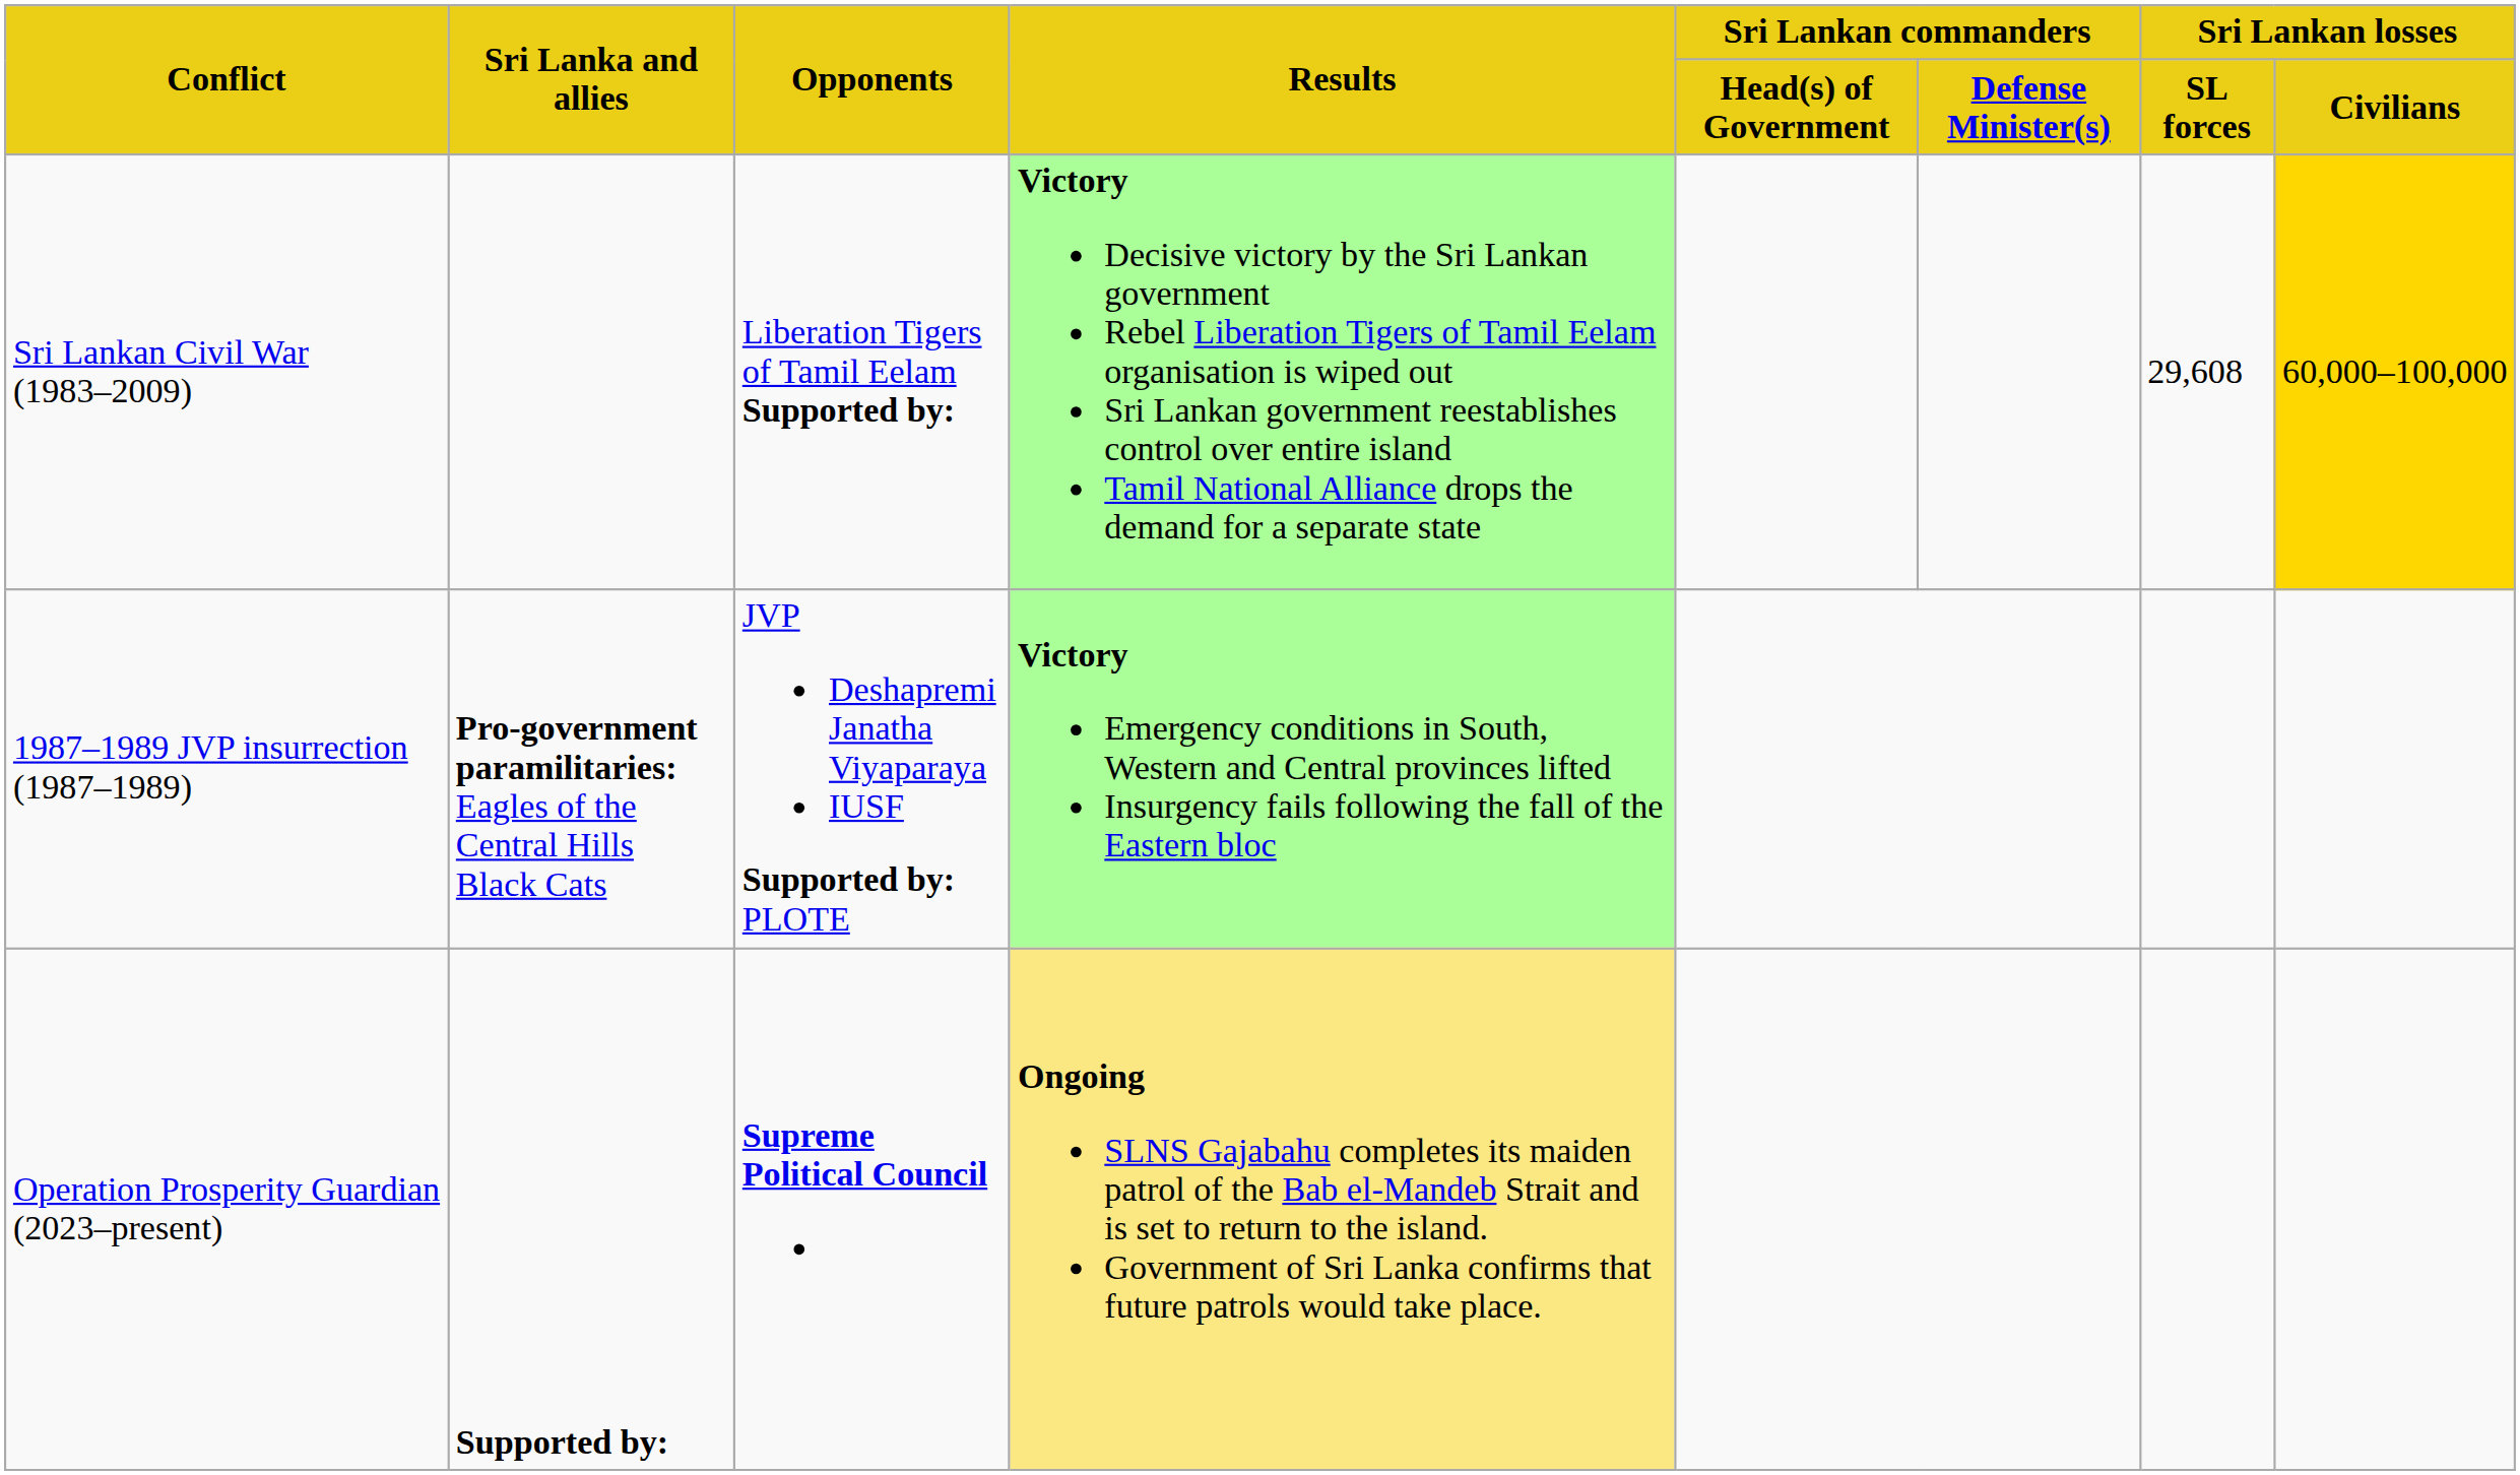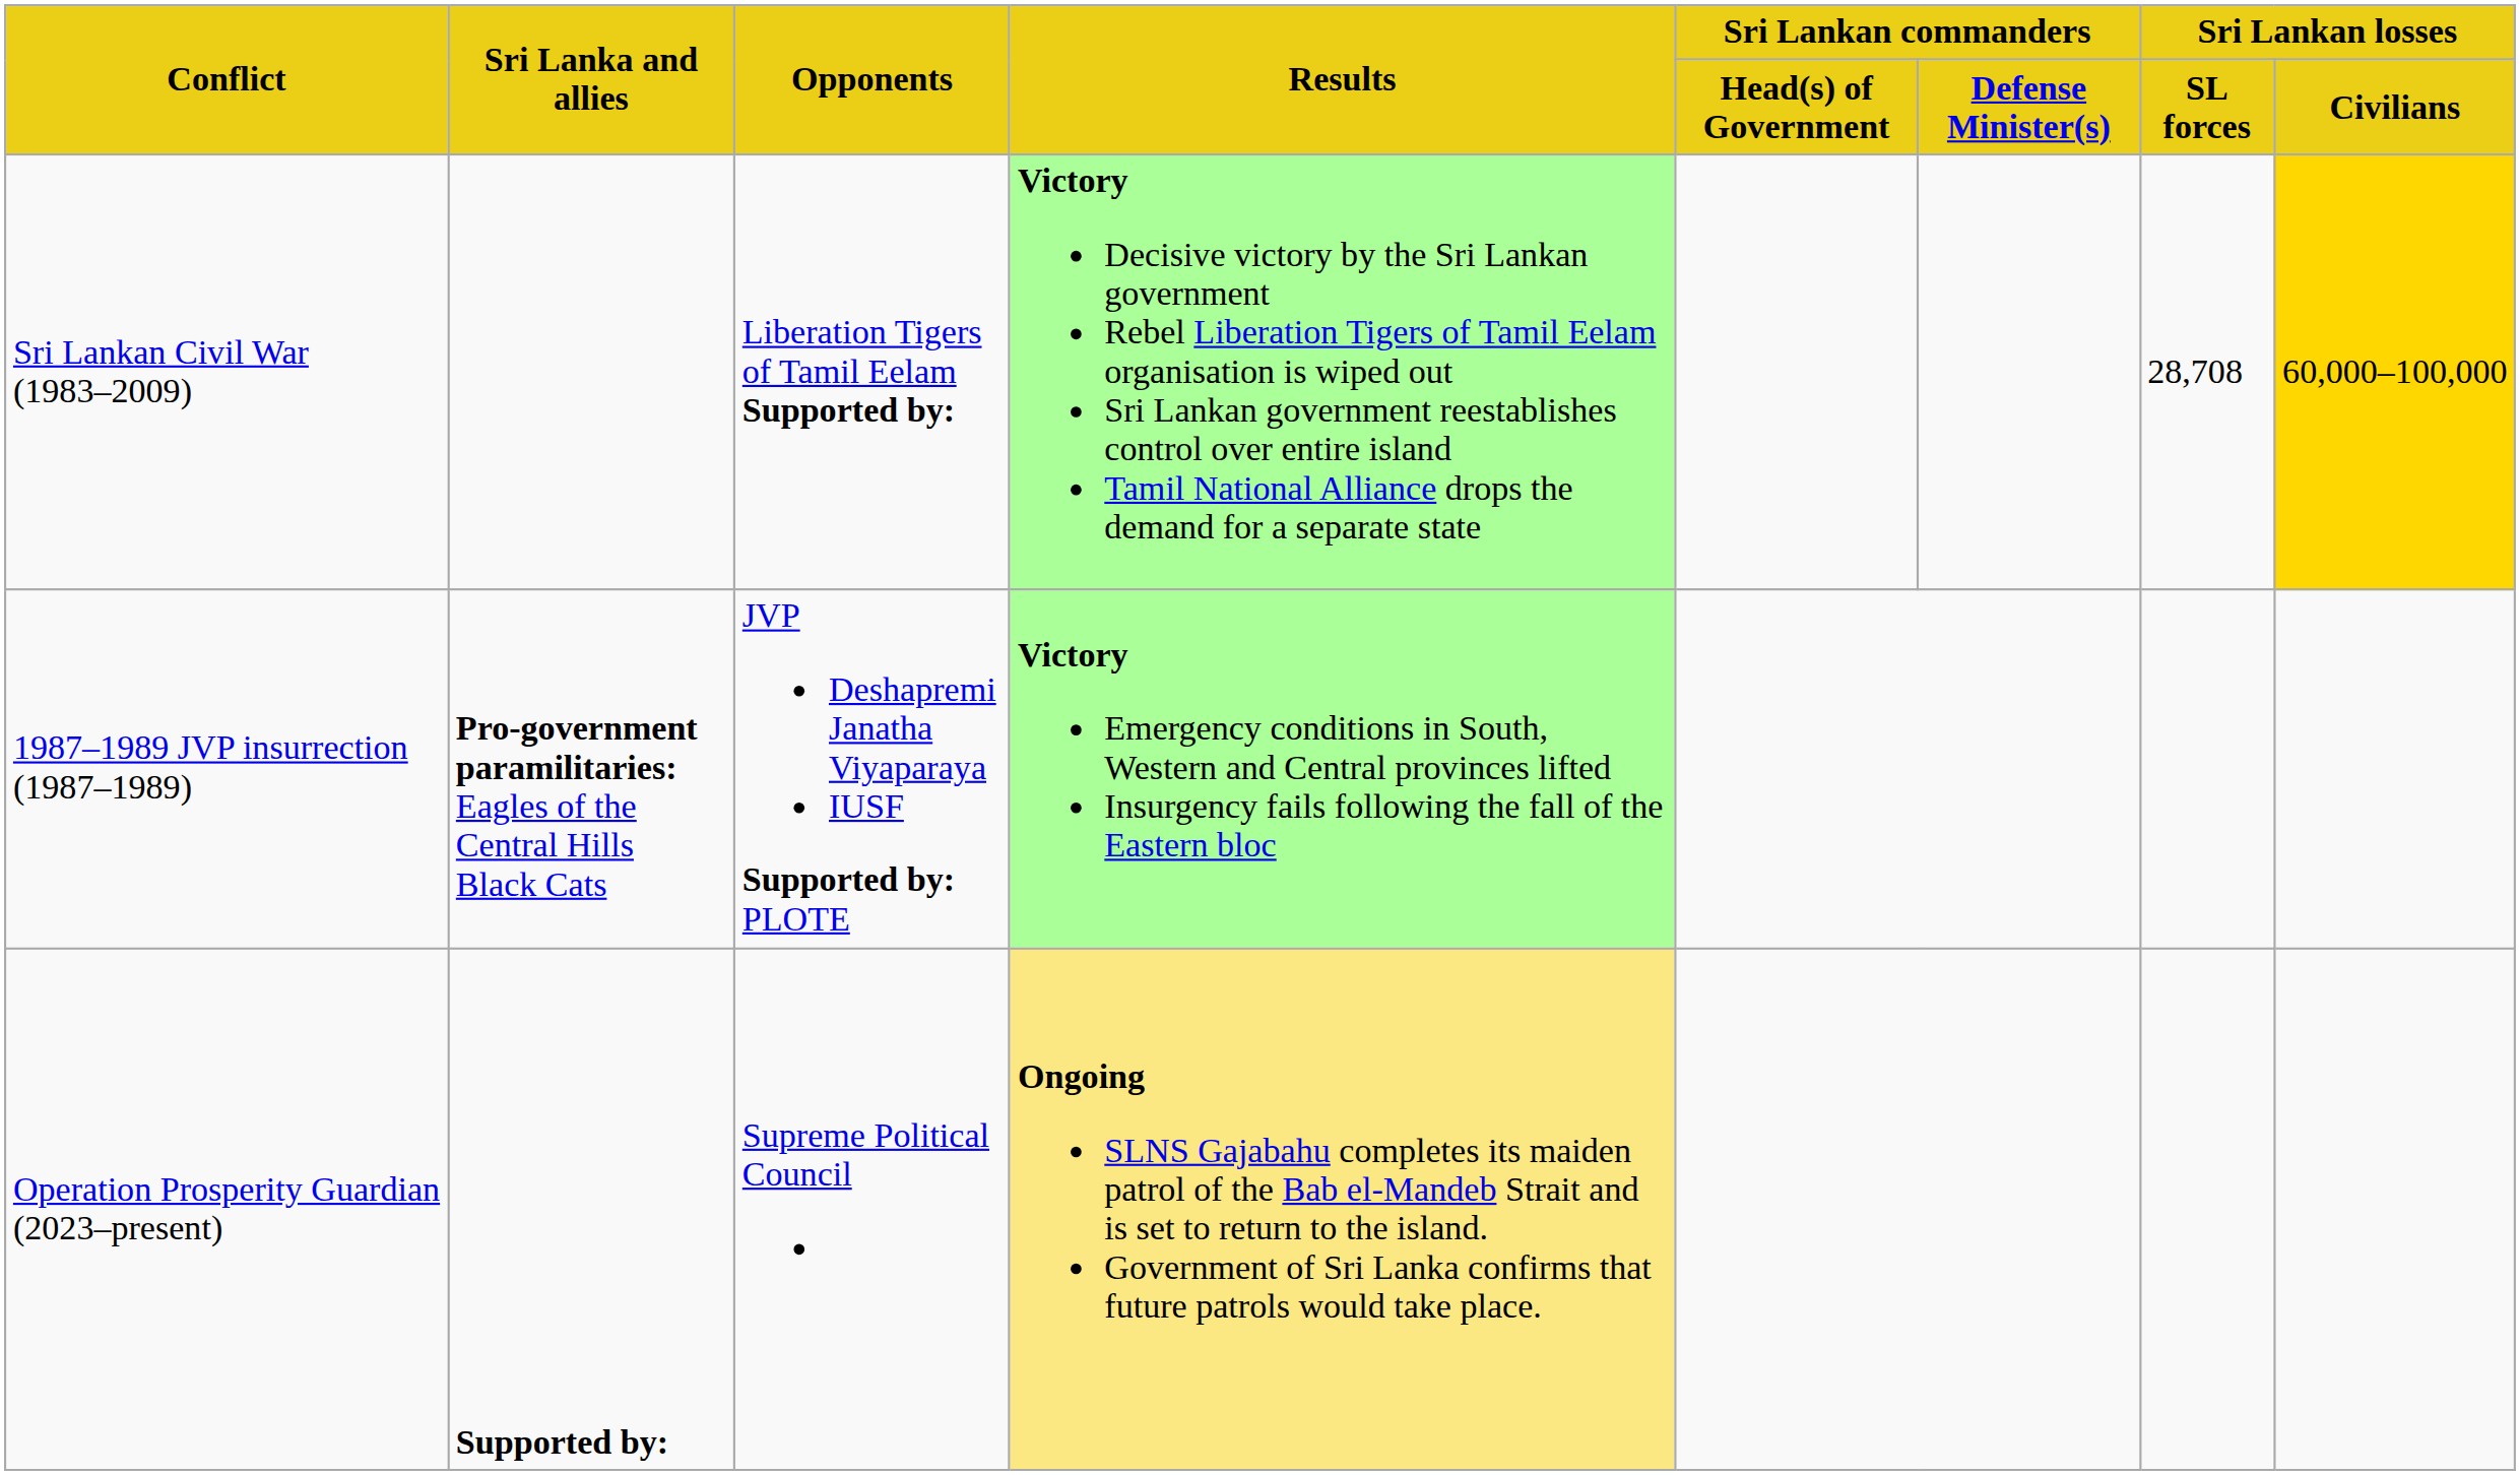 <table class="wikitable">
 <tr>
 <th style="background:#EBCF16" rowspan="2"><span>Conflict</span></th>
 <th style="background:#EBCF16" rowspan="2" width=125px><span>Sri Lanka and allies</span></th>
 <th style="background:#EBCF16" rowspan="2" width=120px><span>Opponents</span></th>
 <th style="background:#EBCF16" rowspan="2" width=300px><span>Results</span></th>
 <th style="background:#EBCF16" colspan="2"><span>Sri Lankan commanders</span></th>
 <th style="background:#EBCF16" colspan="2"><span>Sri Lankan losses</span></th>
 </tr>
 <tr>
 <th style="background:#EBCF16" width=105px><span>Head(s) of Government</span></th>
 <th style="background:#EBCF16" width=95px><span><a href='#'>Defense Minister(s)</a></span></th>
 <th style="background:#EBCF16" width=55px><span>SL<br>forces</span></th>
 <th style="background:#EBCF16" width=><span>Civilians</span></th>
 </tr>
 <tr>
 <td><a href='#'>Sri Lankan Civil War</a><br>(1983–2009)</td>
 <td><br> </td>
 <td> <a href='#'>Liberation Tigers of Tamil Eelam</a><br><strong>Supported by:</strong>  </td>
 <td style="background:#AF9"><strong>Victory</strong><br><ul><li>Decisive victory by the Sri Lankan government</li><li>Rebel <a href='#'>Liberation Tigers of Tamil Eelam</a> organisation is wiped out</li><li>Sri Lankan government reestablishes control over entire island</li><li><a href='#'>Tamil National Alliance</a> drops the demand for a separate state</li></ul></td>
 <td></td>
 <td></td>
-<td>29,608</td>
+<td>28,708</td>
 <td style="background: gold;">60,000–100,000</td>
 </tr>
 <tr>
 <td><a href='#'>1987–1989 JVP insurrection</a><br>(1987–1989)</td>
 <td><br><br><strong>Pro-government paramilitaries:</strong> <a href='#'>Eagles of the Central Hills</a><br><a href='#'>Black Cats</a></td>
 <td> <a href='#'>JVP</a><br><ul><li> <a href='#'>Deshapremi Janatha Viyaparaya</a></li><li> <a href='#'>IUSF</a></li></ul><strong>Supported by:</strong> <br> <a href='#'>PLOTE</a> </td>
 <td style="background:#AF9"><strong>Victory</strong><br><ul><li>Emergency conditions in South, Western and Central provinces lifted</li><li>Insurgency fails following the fall of the <a href='#'>Eastern bloc</a></li></ul></td>
 <td colspan="2"></td>
 <td></td>
 <td></td>
 </tr>
 <tr>
 <td><a href='#'>Operation Prosperity Guardian</a><br>(2023–present)</td>
 <td><br><br><br><br><br><br><br><br><br><br><br><br><strong>Supported by:</strong><br> </td>
-<td><strong> <a href='#'>Supreme Political Council</a><br><ul><li></li></ul></strong></td>
+<td> <a href='#'>Supreme Political Council</a><br><ul><li></li></ul></td>
 <td style="background:#FCE883"><strong>Ongoing</strong><br><ul><li><a href='#'>SLNS Gajabahu</a> completes its maiden patrol of the <a href='#'>Bab el-Mandeb</a> Strait and is set to return to the island.</li><li>Government of Sri Lanka confirms that future patrols would take place.</li></ul></td>
 <td colspan="2"></td>
 <td></td>
 <td></td>
 </tr>
 </table>
